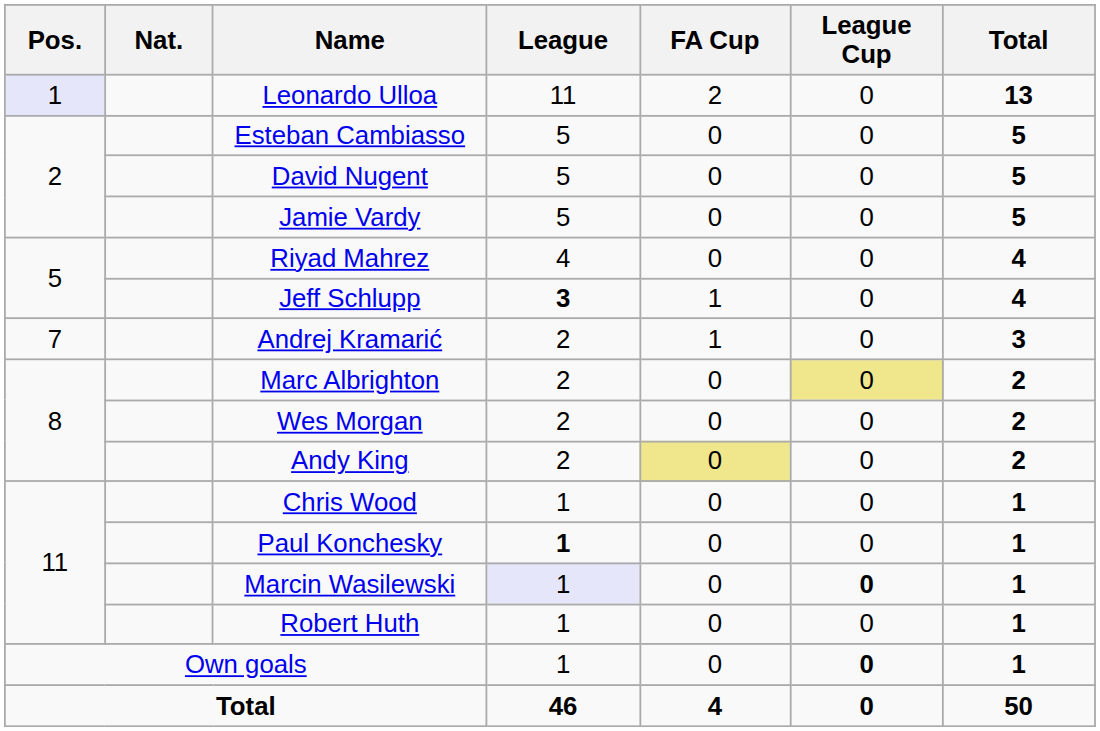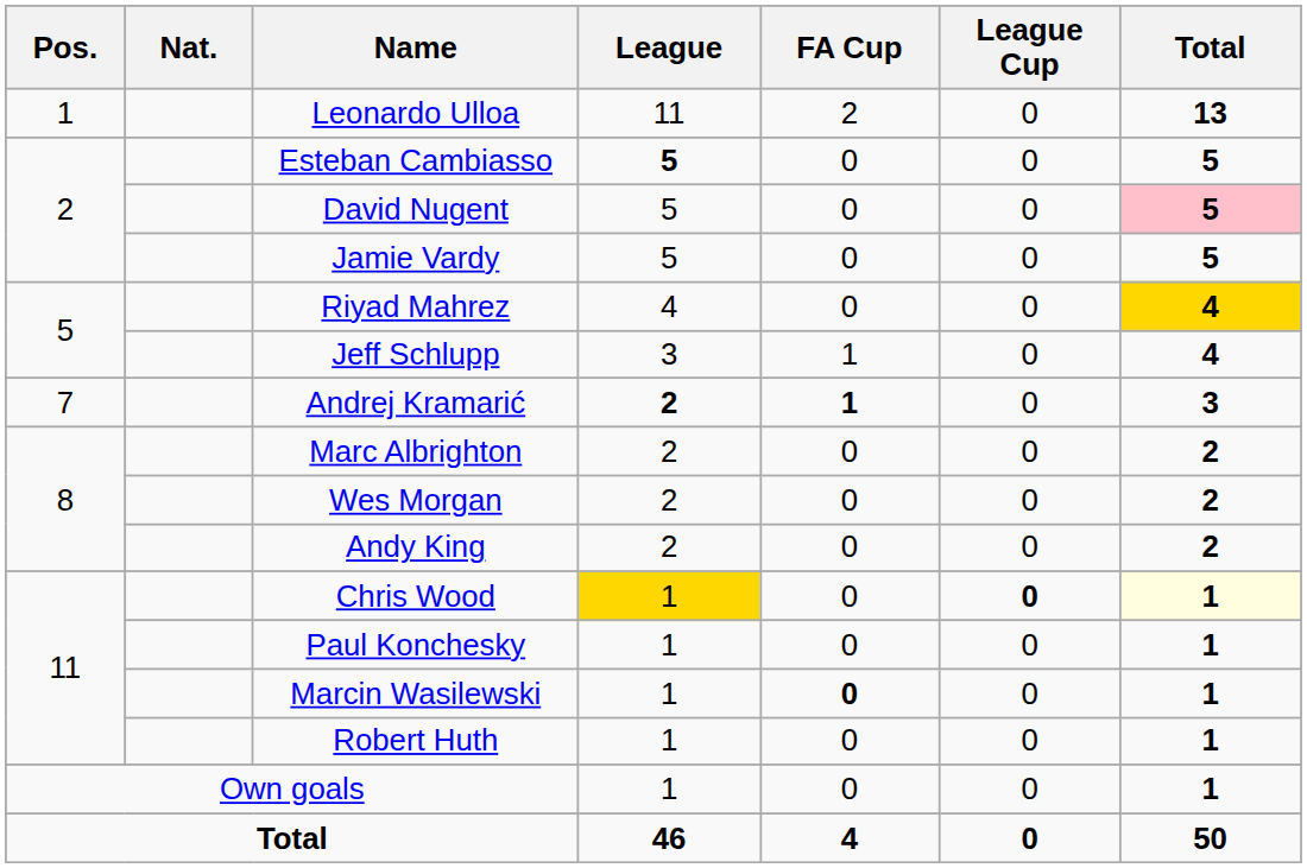 <table class="wikitable" style="font-size: 90%; text-align: center">
 <tr>
 <th width=50>Pos.</th>
 <th width=55>Nat.</th>
 <th width=150>Name</th>
 <th width=80>League</th>
 <th width=80>FA Cup</th>
 <th width=80>League Cup</th>
 <th width=80>Total</th>
 </tr>
 <tr>
-<td style="background: lavender;">1</td>
+<td>1</td>
 <td></td>
 <td><a href='#'>Leonardo Ulloa</a></td>
 <td>11</td>
 <td>2</td>
 <td>0</td>
 <td><strong>13</strong></td>
 </tr>
 <tr>
 <td rowspan=3>2</td>
 <td></td>
 <td><a href='#'>Esteban Cambiasso</a></td>
-<td>5</td>
+<td><strong>5</strong></td>
 <td>0</td>
 <td>0</td>
 <td><strong>5</strong></td>
 </tr>
 <tr>
 <td></td>
 <td><a href='#'>David Nugent</a></td>
 <td>5</td>
 <td>0</td>
 <td>0</td>
-<td><strong>5</strong></td>
+<td style="background: pink;"><strong>5</strong></td>
 </tr>
 <tr>
 <td></td>
 <td><a href='#'>Jamie Vardy</a></td>
 <td>5</td>
 <td>0</td>
 <td>0</td>
 <td><strong>5</strong></td>
 </tr>
 <tr>
 <td rowspan=2>5</td>
 <td></td>
 <td><a href='#'>Riyad Mahrez</a></td>
 <td>4</td>
 <td>0</td>
 <td>0</td>
-<td><strong>4</strong></td>
+<td style="background: gold;"><strong>4</strong></td>
 </tr>
 <tr>
 <td></td>
 <td><a href='#'>Jeff Schlupp</a></td>
-<td><strong>3</strong></td>
+<td>3</td>
 <td>1</td>
 <td>0</td>
 <td><strong>4</strong></td>
 </tr>
 <tr>
 <td>7</td>
 <td></td>
 <td><a href='#'>Andrej Kramarić</a></td>
-<td>2</td>
-<td>1</td>
+<td><strong>2</strong></td>
+<td><strong>1</strong></td>
 <td>0</td>
 <td><strong>3</strong></td>
 </tr>
 <tr>
 <td rowspan=3>8</td>
 <td></td>
 <td><a href='#'>Marc Albrighton</a></td>
 <td>2</td>
 <td>0</td>
-<td style="background: khaki;">0</td>
+<td>0</td>
 <td><strong>2</strong></td>
 </tr>
 <tr>
 <td></td>
 <td><a href='#'>Wes Morgan</a></td>
 <td>2</td>
 <td>0</td>
 <td>0</td>
 <td><strong>2</strong></td>
 </tr>
 <tr>
 <td></td>
 <td><a href='#'>Andy King</a></td>
 <td>2</td>
-<td style="background: khaki;">0</td>
+<td>0</td>
 <td>0</td>
 <td><strong>2</strong></td>
 </tr>
 <tr>
 <td rowspan=4>11</td>
 <td></td>
 <td><a href='#'>Chris Wood</a></td>
+<td style="background: gold;">1</td>
+<td>0</td>
+<td><strong>0</strong></td>
+<td style="background: lightyellow;"><strong>1</strong></td>
+</tr>
+<tr>
+<td></td>
+<td><a href='#'>Paul Konchesky</a></td>
 <td>1</td>
 <td>0</td>
 <td>0</td>
 <td><strong>1</strong></td>
 </tr>
 <tr>
 <td></td>
-<td><a href='#'>Paul Konchesky</a></td>
-<td><strong>1</strong></td>
+<td><a href='#'>Marcin Wasilewski</a></td>
+<td>1</td>
+<td><strong>0</strong></td>
 <td>0</td>
-<td>0</td>
-<td><strong>1</strong></td>
-</tr>
-<tr>
-<td></td>
-<td><a href='#'>Marcin Wasilewski</a></td>
-<td style="background: lavender;">1</td>
-<td>0</td>
-<td><strong>0</strong></td>
 <td><strong>1</strong></td>
 </tr>
 <tr>
 <td></td>
 <td><a href='#'>Robert Huth</a></td>
 <td>1</td>
 <td>0</td>
 <td>0</td>
 <td><strong>1</strong></td>
 </tr>
 <tr>
 <td colspan=3><a href='#'>Own goals</a></td>
 <td>1</td>
 <td>0</td>
-<td><strong>0</strong></td>
+<td>0</td>
 <td><strong>1</strong></td>
 </tr>
 <tr>
 <td colspan="3"><strong>Total</strong></td>
 <td><strong>46</strong></td>
 <td><strong>4</strong></td>
 <td><strong>0</strong></td>
 <td><strong>50</strong></td>
 </tr>
 </table>
